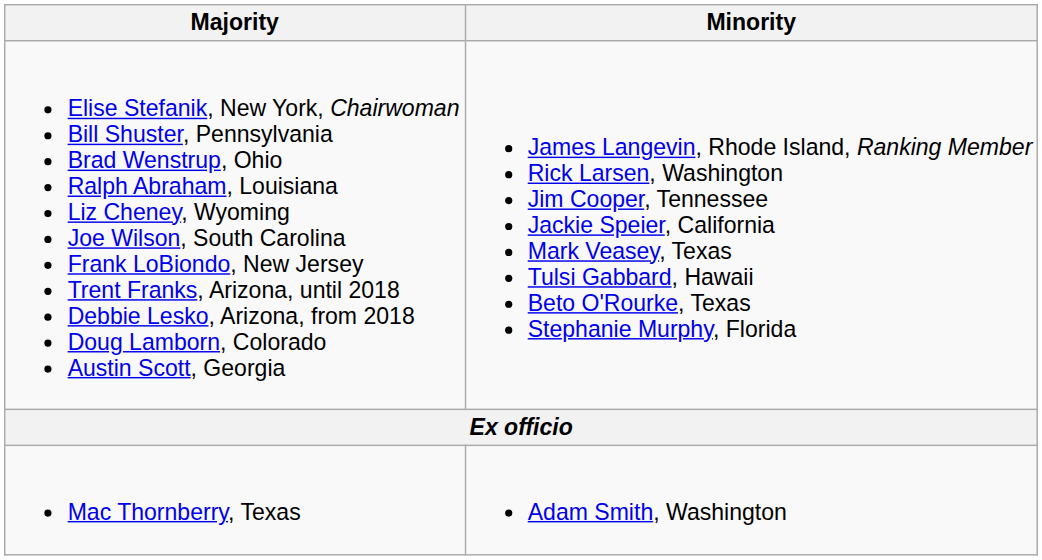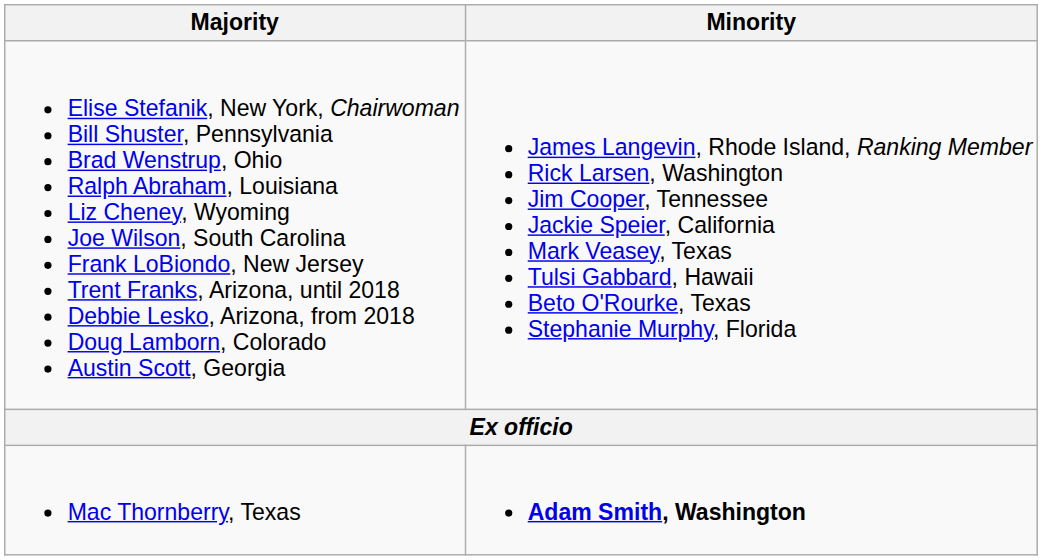 <table class=wikitable>
 <tr>
 <th>Majority</th>
 <th>Minority</th>
 </tr>
 <tr>
 <td><br><ul><li><a href='#'>Elise Stefanik</a>, New York, <em>Chairwoman</em></li><li><a href='#'>Bill Shuster</a>, Pennsylvania</li><li><a href='#'>Brad Wenstrup</a>, Ohio</li><li><a href='#'>Ralph Abraham</a>, Louisiana</li><li><a href='#'>Liz Cheney</a>, Wyoming</li><li><a href='#'>Joe Wilson</a>, South Carolina</li><li><a href='#'>Frank LoBiondo</a>, New Jersey</li><li><a href='#'>Trent Franks</a>, Arizona, until 2018</li><li><a href='#'>Debbie Lesko</a>, Arizona, from 2018</li><li><a href='#'>Doug Lamborn</a>, Colorado</li><li><a href='#'>Austin Scott</a>, Georgia</li></ul></td>
 <td><br><ul><li><a href='#'>James Langevin</a>, Rhode Island, <em>Ranking Member</em></li><li><a href='#'>Rick Larsen</a>, Washington</li><li><a href='#'>Jim Cooper</a>, Tennessee</li><li><a href='#'>Jackie Speier</a>, California</li><li><a href='#'>Mark Veasey</a>, Texas</li><li><a href='#'>Tulsi Gabbard</a>, Hawaii</li><li><a href='#'>Beto O'Rourke</a>, Texas</li><li><a href='#'>Stephanie Murphy</a>, Florida</li></ul></td>
 </tr>
 <tr>
 <th colspan=2><em>Ex officio</em></th>
 </tr>
 <tr>
 <td><br><ul><li><a href='#'>Mac Thornberry</a>, Texas</li></ul></td>
-<td><br><ul><li><a href='#'>Adam Smith</a>, Washington</li></ul></td>
+<td><strong><br><ul><li><a href='#'>Adam Smith</a>, Washington</li></ul></strong></td>
 </tr>
 </table>
